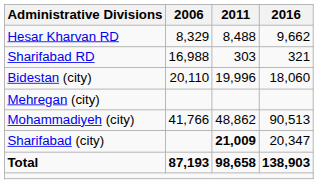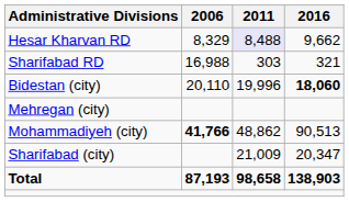 <table class="wikitable">
 <tr>
 <th>Administrative Divisions</th>
 <th>2006</th>
 <th>2011</th>
 <th>2016</th>
 </tr>
 <tr>
 <td><a href='#'>Hesar Kharvan RD</a></td>
 <td style="text-align: right;">8,329</td>
-<td style="text-align: right;">8,488</td>
+<td style="background: lavender; text-align: right;">8,488</td>
 <td style="text-align: right;">9,662</td>
 </tr>
 <tr>
 <td><a href='#'>Sharifabad RD</a></td>
 <td style="text-align: right;">16,988</td>
 <td style="text-align: right;">303</td>
 <td style="text-align: right;">321</td>
 </tr>
 <tr>
 <td><a href='#'>Bidestan</a> (city)</td>
 <td style="text-align: right;">20,110</td>
 <td style="text-align: right;">19,996</td>
-<td style="text-align: right;">18,060</td>
+<td style="text-align: right;"><strong>18,060</strong></td>
 </tr>
 <tr>
 <td><a href='#'>Mehregan</a> (city)</td>
 <td style="text-align: right;"></td>
 <td style="text-align: right;"></td>
 <td style="text-align: right;"></td>
 </tr>
 <tr>
 <td><a href='#'>Mohammadiyeh</a> (city)</td>
-<td style="text-align: right;">41,766</td>
+<td style="text-align: right;"><strong>41,766</strong></td>
 <td style="text-align: right;">48,862</td>
 <td style="text-align: right;">90,513</td>
 </tr>
 <tr>
 <td><a href='#'>Sharifabad</a> (city)</td>
 <td style="text-align: right;"></td>
-<td style="text-align: right;"><strong>21,009</strong></td>
+<td style="text-align: right;">21,009</td>
 <td style="text-align: right;">20,347</td>
 </tr>
 <tr>
 <td><strong>Total</strong></td>
 <td style="text-align: right;"><strong>87,193</strong></td>
 <td style="text-align: right;"><strong>98,658</strong></td>
 <td style="text-align: right;"><strong>138,903</strong></td>
 </tr>
 <tr>
 <td colspan=4></td>
 </tr>
 </table>
